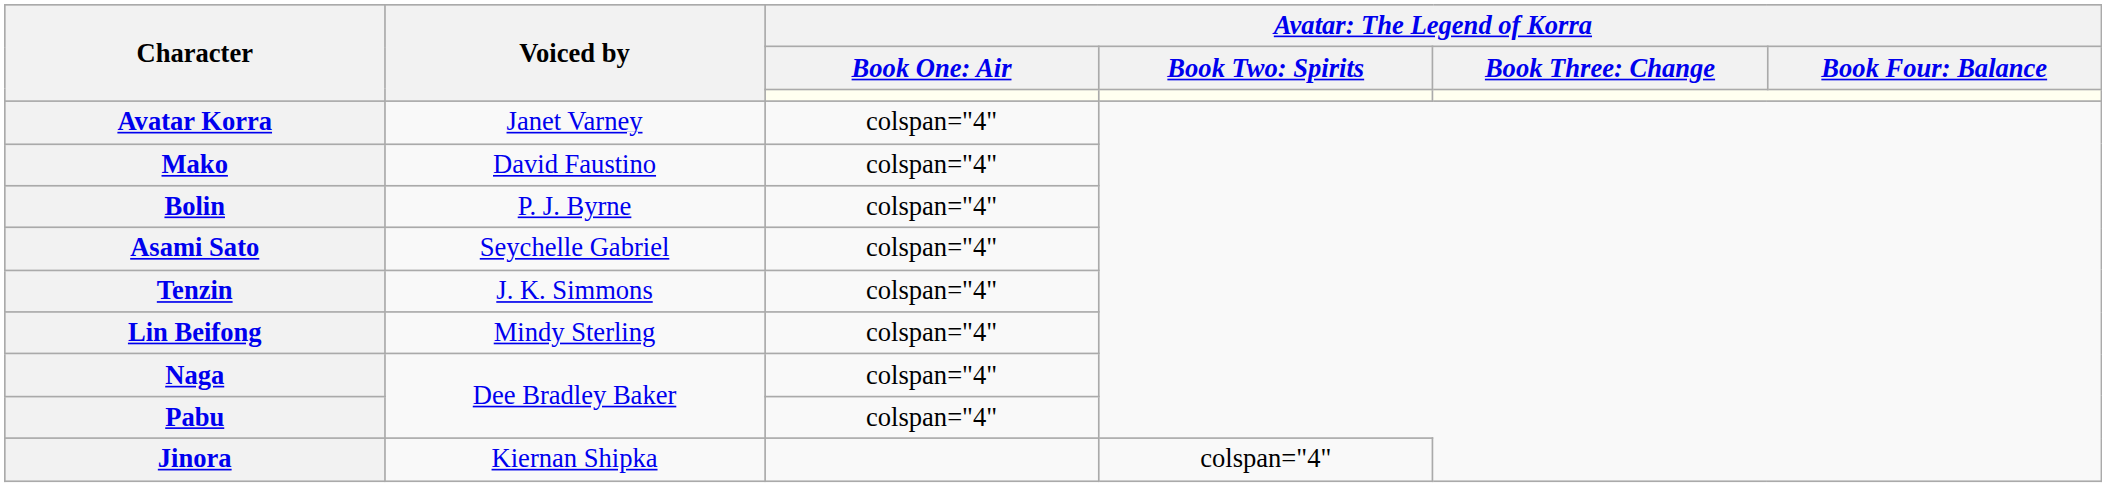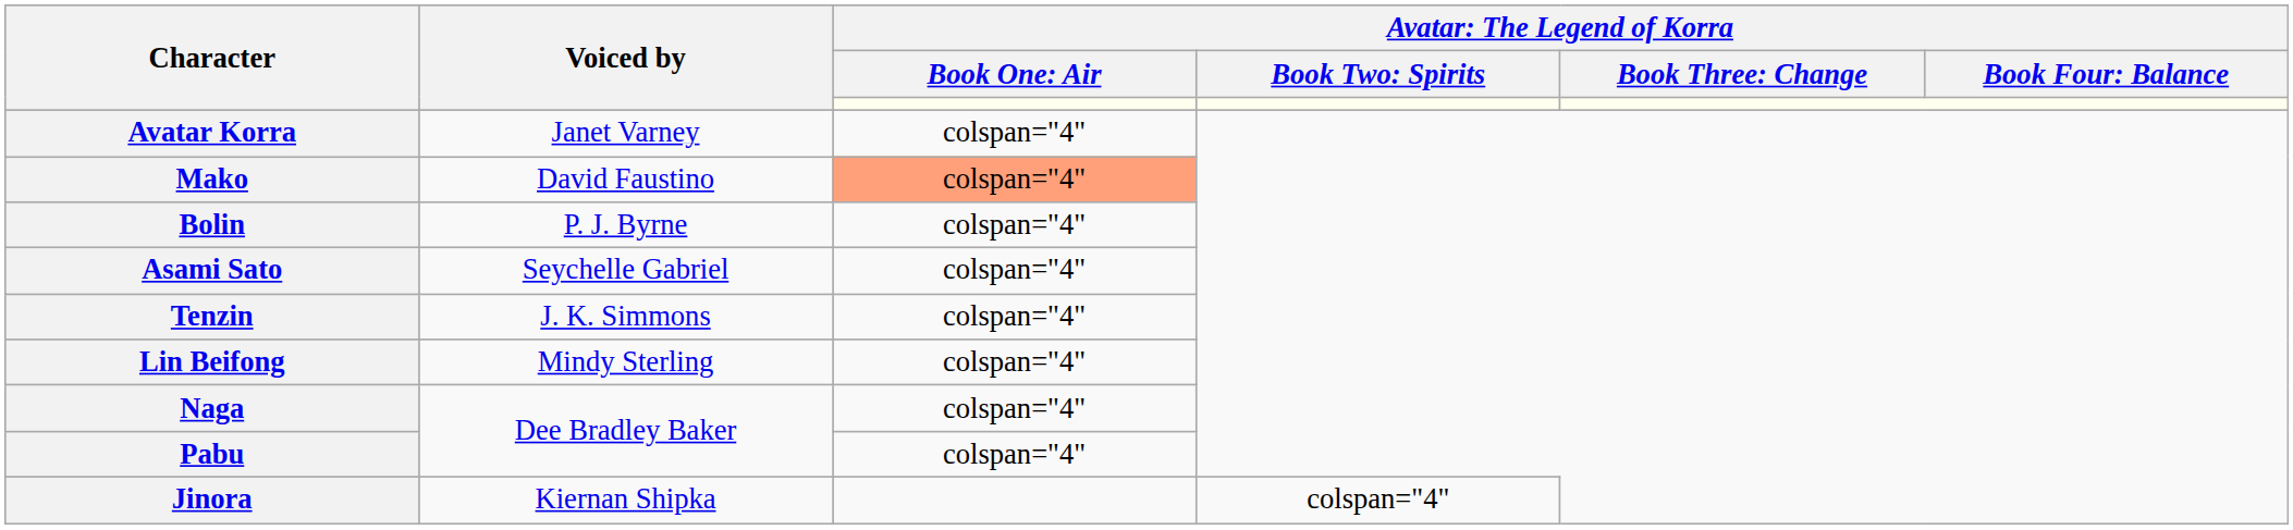 <table class="wikitable" style="text-align:center; width:100%; text-size:70%;">
 <tr>
 <th rowspan="3" style="width:12.5%;">Character</th>
 <th rowspan="3" style="width:12.5%;">Voiced by</th>
 <th colspan="4" style="text-align:center;"><em><a href='#'>Avatar: The Legend of Korra</a></em></th>
 </tr>
 <tr>
 <th style="text-align:center; width:11%;"><a href='#'><em>Book One: Air</em></a></th>
 <th style="text-align:center; width:11%;"><a href='#'><em>Book Two: Spirits</em></a></th>
 <th style="text-align:center; width:11%;"><a href='#'><em>Book Three: Change</em></a></th>
 <th style="text-align:center; width:11%;"><a href='#'><em>Book Four: Balance</em></a></th>
 </tr>
 <tr>
 <td style="background:ivory;"></td>
 <td style="background:ivory;"></td>
 <td colspan="2" style="background:ivory;"></td>
 </tr>
 <tr>
 <th><a href='#'>Avatar Korra</a></th>
 <td><a href='#'>Janet Varney</a></td>
 <td>colspan="4" </td>
 </tr>
 <tr>
 <th><a href='#'>Mako</a></th>
 <td><a href='#'>David Faustino</a></td>
-<td>colspan="4" </td>
+<td style="background: lightsalmon;">colspan="4" </td>
 </tr>
 <tr>
 <th><a href='#'>Bolin</a></th>
 <td><a href='#'>P. J. Byrne</a></td>
 <td>colspan="4" </td>
 </tr>
 <tr>
 <th><a href='#'>Asami Sato</a></th>
 <td><a href='#'>Seychelle Gabriel</a></td>
 <td>colspan="4" </td>
 </tr>
 <tr>
 <th><a href='#'>Tenzin</a></th>
 <td><a href='#'>J. K. Simmons</a></td>
 <td>colspan="4" </td>
 </tr>
 <tr>
 <th><a href='#'>Lin Beifong</a></th>
 <td><a href='#'>Mindy Sterling</a></td>
 <td>colspan="4" </td>
 </tr>
 <tr>
 <th><a href='#'>Naga</a></th>
 <td rowspan="2"><a href='#'>Dee Bradley Baker</a></td>
 <td>colspan="4" </td>
 </tr>
 <tr>
 <th><a href='#'>Pabu</a></th>
 <td>colspan="4" </td>
 </tr>
 <tr>
 <th><a href='#'>Jinora</a></th>
 <td><a href='#'>Kiernan Shipka</a></td>
 <td></td>
 <td>colspan="4" </td>
 </tr>
 </table>
